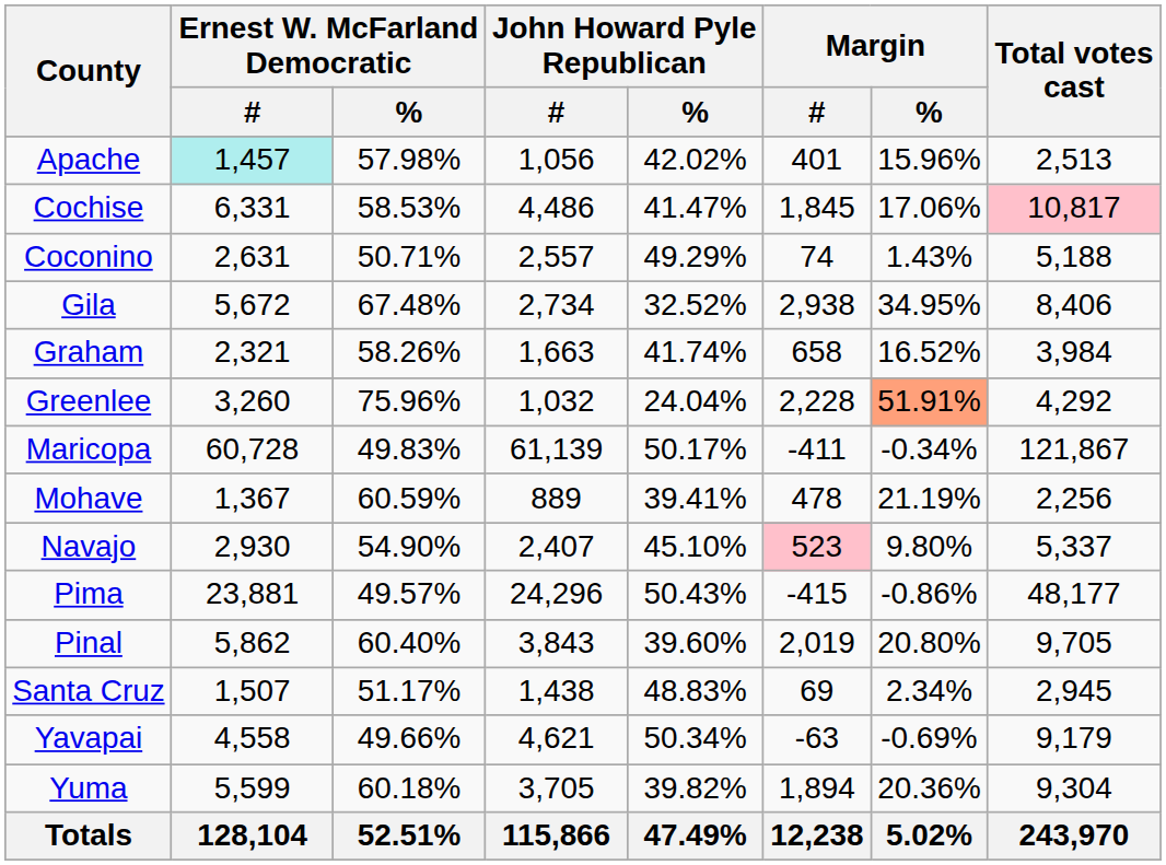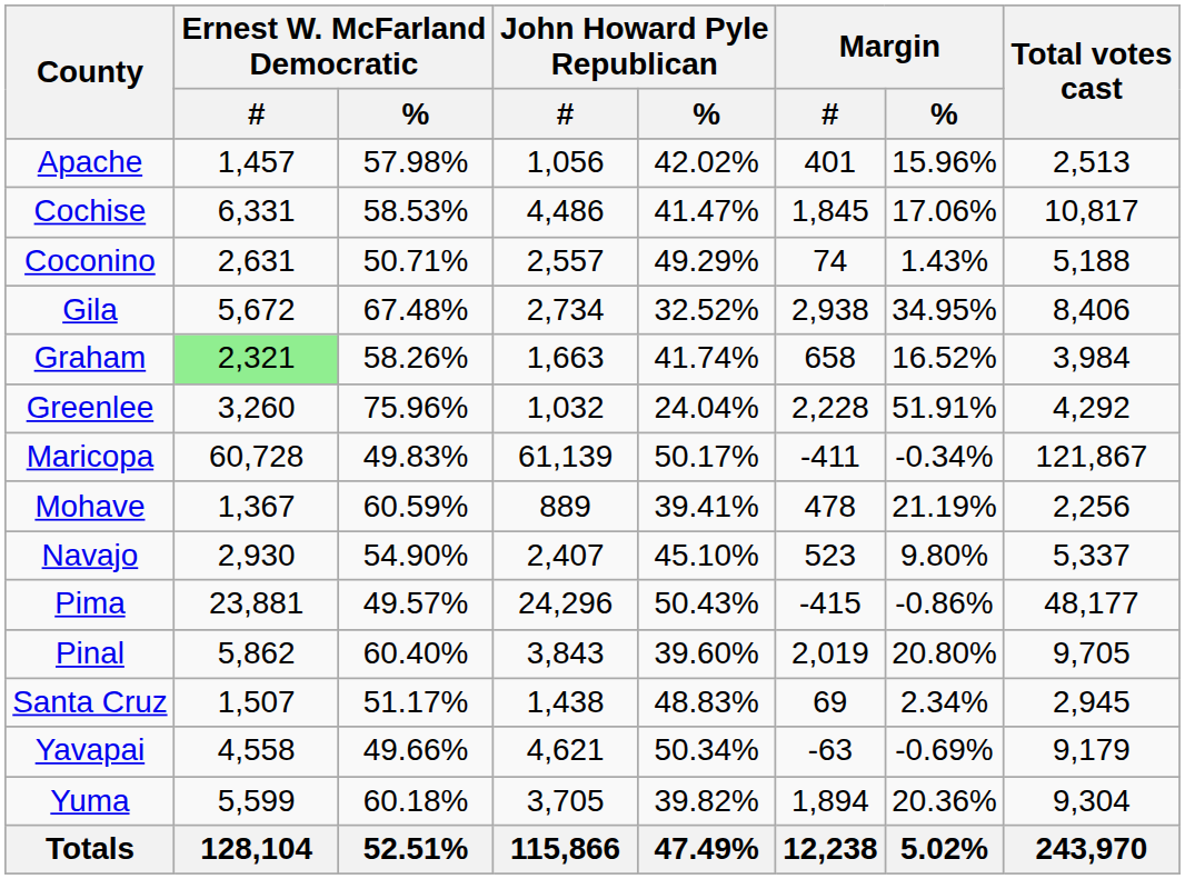 <table class="wikitable sortable" style="text-align:center">
 <tr>
 <th rowspan="2">County</th>
 <th style="text-align:center;" colspan="2">Ernest W. McFarland<br>Democratic</th>
 <th style="text-align:center;" colspan="2">John Howard Pyle<br>Republican</th>
 <th style="text-align:center;" colspan="2">Margin</th>
 <th style="text-align:center;" rowspan="2">Total votes<br>cast</th>
 </tr>
 <tr>
 <th style="text-align:center;" data-sort-type="number">#</th>
 <th style="text-align:center;" data-sort-type="number">%</th>
 <th style="text-align:center;" data-sort-type="number">#</th>
 <th style="text-align:center;" data-sort-type="number">%</th>
 <th style="text-align:center;" data-sort-type="number">#</th>
 <th style="text-align:center;" data-sort-type="number">%</th>
 </tr>
 <tr style="text-align:center;">
 <td><a href='#'>Apache</a></td>
-<td style="background: paleturquoise;">1,457</td>
+<td>1,457</td>
 <td>57.98%</td>
 <td>1,056</td>
 <td>42.02%</td>
 <td>401</td>
 <td>15.96%</td>
 <td>2,513</td>
 </tr>
 <tr style="text-align:center;">
 <td><a href='#'>Cochise</a></td>
 <td>6,331</td>
 <td>58.53%</td>
 <td>4,486</td>
 <td>41.47%</td>
 <td>1,845</td>
 <td>17.06%</td>
-<td style="background: pink;">10,817</td>
+<td>10,817</td>
 </tr>
 <tr style="text-align:center;">
 <td><a href='#'>Coconino</a></td>
 <td>2,631</td>
 <td>50.71%</td>
 <td>2,557</td>
 <td>49.29%</td>
 <td>74</td>
 <td>1.43%</td>
 <td>5,188</td>
 </tr>
 <tr style="text-align:center;">
 <td><a href='#'>Gila</a></td>
 <td>5,672</td>
 <td>67.48%</td>
 <td>2,734</td>
 <td>32.52%</td>
 <td>2,938</td>
 <td>34.95%</td>
 <td>8,406</td>
 </tr>
 <tr style="text-align:center;">
 <td><a href='#'>Graham</a></td>
-<td>2,321</td>
+<td style="background: lightgreen;">2,321</td>
 <td>58.26%</td>
 <td>1,663</td>
 <td>41.74%</td>
 <td>658</td>
 <td>16.52%</td>
 <td>3,984</td>
 </tr>
 <tr style="text-align:center;">
 <td><a href='#'>Greenlee</a></td>
 <td>3,260</td>
 <td>75.96%</td>
 <td>1,032</td>
 <td>24.04%</td>
 <td>2,228</td>
-<td style="background: lightsalmon;">51.91%</td>
+<td>51.91%</td>
 <td>4,292</td>
 </tr>
 <tr style="text-align:center;">
 <td><a href='#'>Maricopa</a></td>
 <td>60,728</td>
 <td>49.83%</td>
 <td>61,139</td>
 <td>50.17%</td>
 <td>-411</td>
 <td>-0.34%</td>
 <td>121,867</td>
 </tr>
 <tr style="text-align:center;">
 <td><a href='#'>Mohave</a></td>
 <td>1,367</td>
 <td>60.59%</td>
 <td>889</td>
 <td>39.41%</td>
 <td>478</td>
 <td>21.19%</td>
 <td>2,256</td>
 </tr>
 <tr style="text-align:center;">
 <td><a href='#'>Navajo</a></td>
 <td>2,930</td>
 <td>54.90%</td>
 <td>2,407</td>
 <td>45.10%</td>
-<td style="background: pink;">523</td>
+<td>523</td>
 <td>9.80%</td>
 <td>5,337</td>
 </tr>
 <tr style="text-align:center;">
 <td><a href='#'>Pima</a></td>
 <td>23,881</td>
 <td>49.57%</td>
 <td>24,296</td>
 <td>50.43%</td>
 <td>-415</td>
 <td>-0.86%</td>
 <td>48,177</td>
 </tr>
 <tr style="text-align:center;">
 <td><a href='#'>Pinal</a></td>
 <td>5,862</td>
 <td>60.40%</td>
 <td>3,843</td>
 <td>39.60%</td>
 <td>2,019</td>
 <td>20.80%</td>
 <td>9,705</td>
 </tr>
 <tr style="text-align:center;">
 <td><a href='#'>Santa Cruz</a></td>
 <td>1,507</td>
 <td>51.17%</td>
 <td>1,438</td>
 <td>48.83%</td>
 <td>69</td>
 <td>2.34%</td>
 <td>2,945</td>
 </tr>
 <tr style="text-align:center;">
 <td><a href='#'>Yavapai</a></td>
 <td>4,558</td>
 <td>49.66%</td>
 <td>4,621</td>
 <td>50.34%</td>
 <td>-63</td>
 <td>-0.69%</td>
 <td>9,179</td>
 </tr>
 <tr style="text-align:center;">
 <td><a href='#'>Yuma</a></td>
 <td>5,599</td>
 <td>60.18%</td>
 <td>3,705</td>
 <td>39.82%</td>
 <td>1,894</td>
 <td>20.36%</td>
 <td>9,304</td>
 </tr>
 <tr style="text-align:center;">
 <th>Totals</th>
 <th>128,104</th>
 <th>52.51%</th>
 <th>115,866</th>
 <th>47.49%</th>
 <th>12,238</th>
 <th>5.02%</th>
 <th>243,970</th>
 </tr>
 </table>
